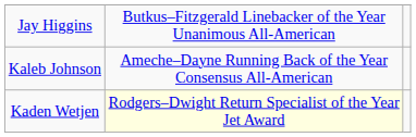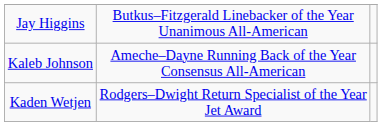 <table class="wikitable sortable sortable" style="text-align: center">
 <tr align=center>
 </tr>
 <tr>
 <td><a href='#'>Jay Higgins</a></td>
 <td><a href='#'>Butkus–Fitzgerald Linebacker of the Year</a><br><a href='#'>Unanimous All-American</a></td>
 <td></td>
 </tr>
 <tr>
 <td><a href='#'>Kaleb Johnson</a></td>
 <td><a href='#'>Ameche–Dayne Running Back of the Year</a><br><a href='#'>Consensus All-American</a></td>
 <td></td>
 </tr>
 <tr>
 <td><a href='#'>Kaden Wetjen</a></td>
-<td style="background: lightyellow;"><a href='#'>Rodgers–Dwight Return Specialist of the Year</a><br><a href='#'>Jet Award</a></td>
+<td><a href='#'>Rodgers–Dwight Return Specialist of the Year</a><br><a href='#'>Jet Award</a></td>
 <td></td>
 </tr>
 </table>
